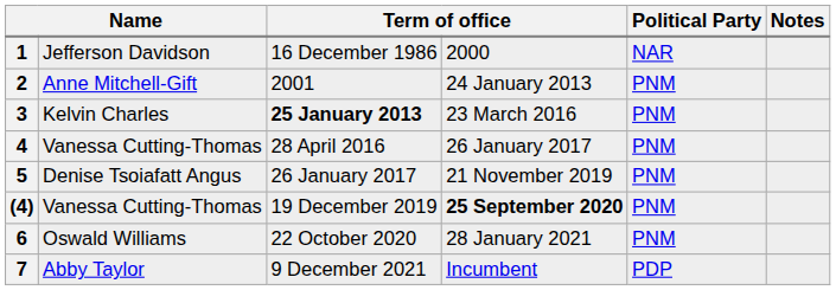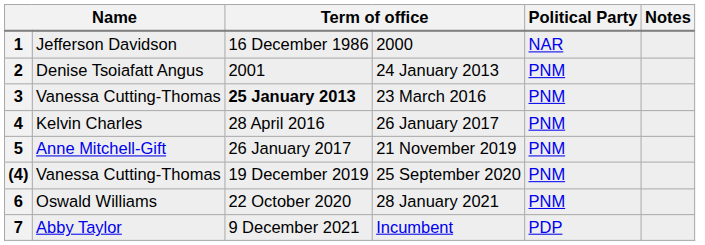 <table class="wikitable">
 <tr style="border-bottom: 2px solid gray;">
 <th colspan="2">Name</th>
 <th colspan="2">Term of office</th>
 <th>Political Party</th>
 <th>Notes</th>
 </tr>
 <tr style="background:#EEEEEE;">
 <th style="background:">1</th>
 <td>Jefferson Davidson</td>
 <td>16 December 1986</td>
 <td>2000</td>
 <td><a href='#'>NAR</a></td>
 <td></td>
 </tr>
 <tr style="background:#EEEEEE;">
 <th style="background:">2</th>
-<td><a href='#'>Anne Mitchell-Gift</a></td>
+<td>Denise Tsoiafatt Angus</td>
 <td>2001</td>
 <td>24 January 2013</td>
 <td><a href='#'>PNM</a></td>
 <td></td>
 </tr>
 <tr style="background:#EEEEEE;">
 <th style="background:">3</th>
-<td>Kelvin Charles</td>
+<td>Vanessa Cutting-Thomas</td>
 <td><strong>25 January 2013</strong></td>
 <td>23 March 2016</td>
 <td><a href='#'>PNM</a></td>
 <td></td>
 </tr>
 <tr style="background:#EEEEEE;">
 <th style="background:">4</th>
-<td>Vanessa Cutting-Thomas</td>
+<td>Kelvin Charles</td>
 <td>28 April 2016</td>
 <td>26 January 2017</td>
 <td><a href='#'>PNM</a></td>
 <td></td>
 </tr>
 <tr style="background:#EEEEEE;">
 <th style="background:">5</th>
-<td>Denise Tsoiafatt Angus</td>
+<td><a href='#'>Anne Mitchell-Gift</a></td>
 <td>26 January 2017</td>
 <td>21 November 2019</td>
 <td><a href='#'>PNM</a></td>
 <td></td>
 </tr>
 <tr style="background:#EEEEEE;">
 <th style="background:">(4)</th>
 <td>Vanessa Cutting-Thomas</td>
 <td>19 December 2019</td>
-<td><strong>25 September 2020</strong></td>
+<td>25 September 2020</td>
 <td><a href='#'>PNM</a></td>
 <td></td>
 </tr>
 <tr style="background:#EEEEEE;">
 <th style="background:">6</th>
 <td>Oswald Williams</td>
 <td>22 October 2020</td>
 <td>28 January 2021</td>
 <td><a href='#'>PNM</a></td>
 <td></td>
 </tr>
 <tr style="background:#EEEEEE;">
 <th style="background:">7</th>
 <td><a href='#'>Abby Taylor</a></td>
 <td>9 December  2021</td>
 <td><a href='#'>Incumbent</a></td>
 <td><a href='#'>PDP</a></td>
 <td></td>
 </tr>
 </table>
